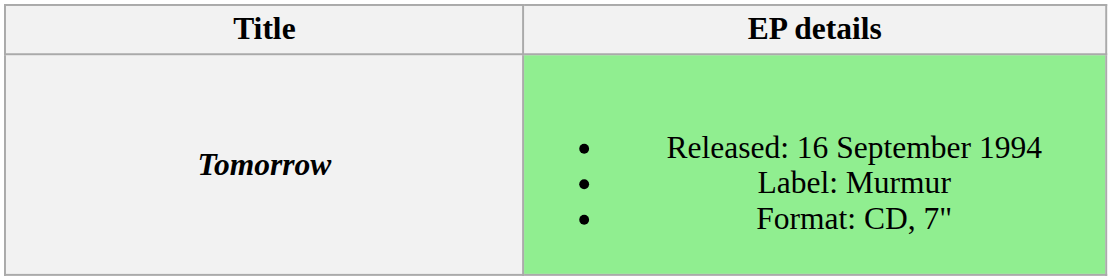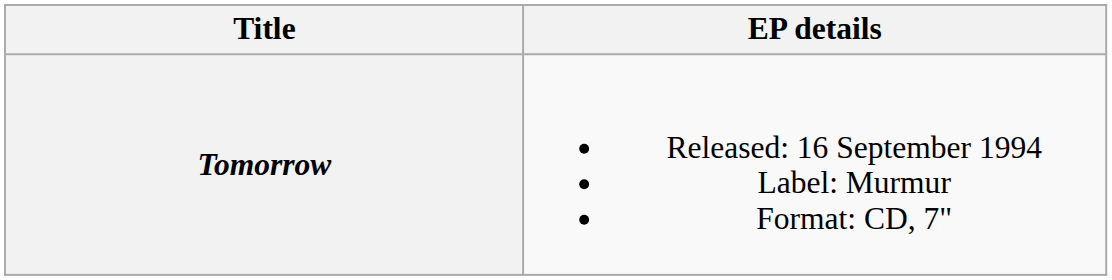 <table class="wikitable plainrowheaders" style="text-align:center;">
 <tr>
 <th scope="col" style="width:16em;">Title</th>
 <th scope="col" style="width:18em;">EP details</th>
 </tr>
 <tr>
 <th scope="row"><em>Tomorrow</em></th>
-<td style="background: lightgreen;"><br><ul><li>Released: 16 September 1994</li><li>Label: Murmur</li><li>Format: CD, 7"</li></ul></td>
+<td><br><ul><li>Released: 16 September 1994</li><li>Label: Murmur</li><li>Format: CD, 7"</li></ul></td>
 </tr>
 </table>
